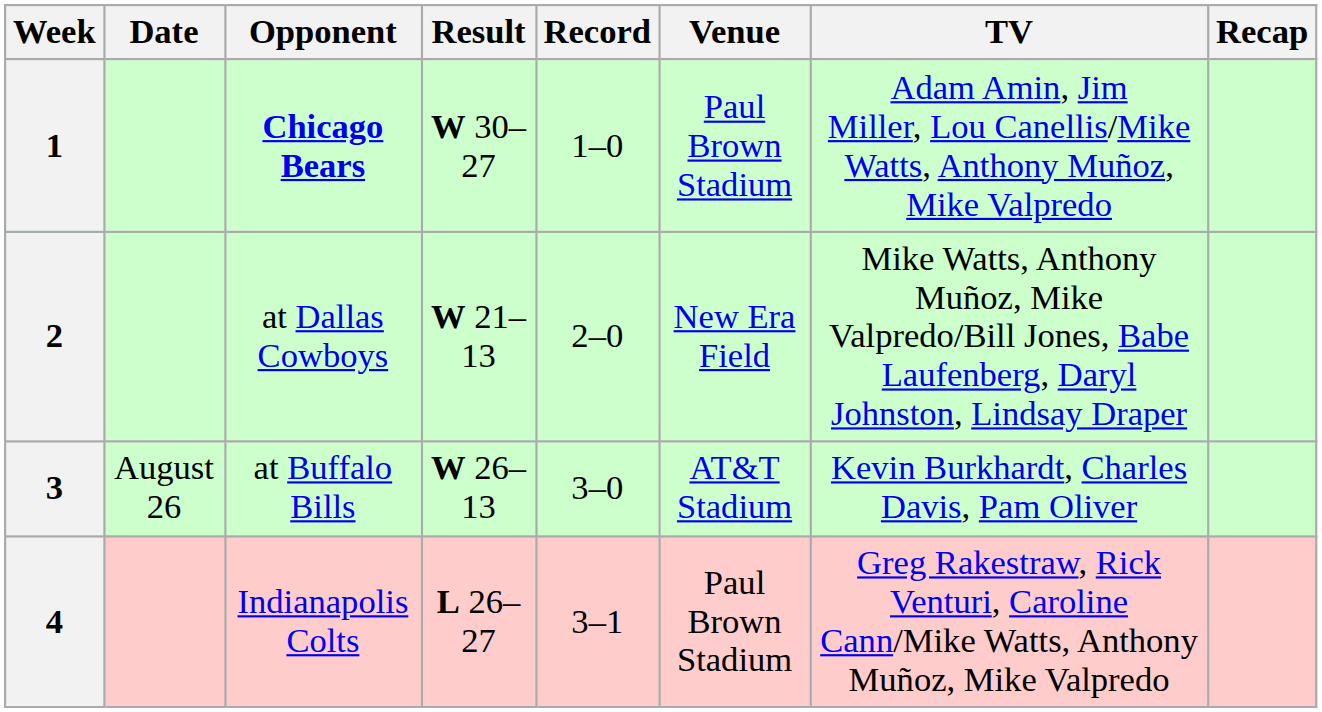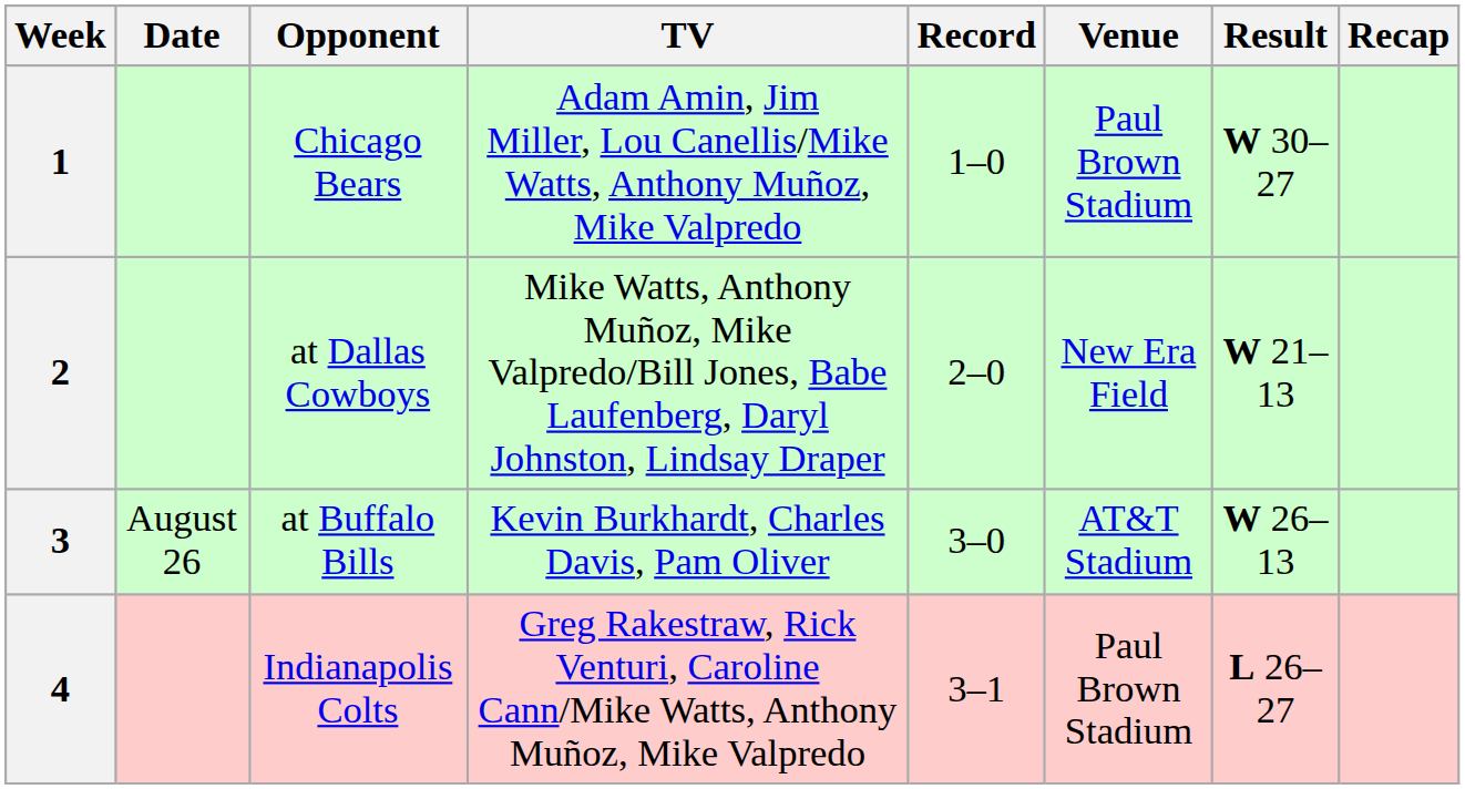 <table class="wikitable" style="text-align:center">
 <tr>
 <th>Week</th>
 <th>Date</th>
 <th>Opponent</th>
-<th>Result</th>
+<th>TV</th>
 <th>Record</th>
 <th>Venue</th>
-<th>TV</th>
+<th>Result</th>
 <th>Recap</th>
 </tr>
 <tr style="background:#cfc">
 <th>1</th>
 <td></td>
-<td><strong><a href='#'>Chicago Bears</a></strong></td>
-<td><strong>W</strong> 30–27</td>
+<td><a href='#'>Chicago Bears</a></td>
+<td><a href='#'>Adam Amin</a>, <a href='#'>Jim Miller</a>, <a href='#'>Lou Canellis</a>/<a href='#'>Mike Watts</a>, <a href='#'>Anthony Muñoz</a>, <a href='#'>Mike Valpredo</a></td>
 <td>1–0</td>
 <td><a href='#'>Paul Brown Stadium</a></td>
-<td><a href='#'>Adam Amin</a>, <a href='#'>Jim Miller</a>, <a href='#'>Lou Canellis</a>/<a href='#'>Mike Watts</a>, <a href='#'>Anthony Muñoz</a>, <a href='#'>Mike Valpredo</a></td>
+<td><strong>W</strong> 30–27</td>
 <td></td>
 </tr>
 <tr style="background:#cfc">
 <th>2</th>
 <td></td>
 <td>at <a href='#'>Dallas Cowboys</a></td>
-<td><strong>W</strong> 21–13</td>
+<td>Mike Watts, Anthony Muñoz, Mike Valpredo/Bill Jones, <a href='#'>Babe Laufenberg</a>, <a href='#'>Daryl Johnston</a>, <a href='#'>Lindsay Draper</a></td>
 <td>2–0</td>
 <td><a href='#'>New Era Field</a></td>
-<td>Mike Watts, Anthony Muñoz, Mike Valpredo/Bill Jones, <a href='#'>Babe Laufenberg</a>, <a href='#'>Daryl Johnston</a>, <a href='#'>Lindsay Draper</a></td>
+<td><strong>W</strong> 21–13</td>
 <td></td>
 </tr>
 <tr style="background:#cfc">
 <th>3</th>
 <td>August 26</td>
 <td>at <a href='#'>Buffalo Bills</a></td>
-<td><strong>W</strong> 26–13</td>
+<td><a href='#'>Kevin Burkhardt</a>, <a href='#'>Charles Davis</a>, <a href='#'>Pam Oliver</a></td>
 <td>3–0</td>
 <td><a href='#'>AT&T Stadium</a></td>
-<td><a href='#'>Kevin Burkhardt</a>, <a href='#'>Charles Davis</a>, <a href='#'>Pam Oliver</a></td>
+<td><strong>W</strong> 26–13</td>
 <td></td>
 </tr>
 <tr style="background:#fcc">
 <th>4</th>
 <td></td>
 <td><a href='#'>Indianapolis Colts</a></td>
-<td><strong>L</strong> 26–27</td>
+<td><a href='#'>Greg Rakestraw</a>, <a href='#'>Rick Venturi</a>, <a href='#'>Caroline Cann</a>/Mike Watts, Anthony Muñoz, Mike Valpredo</td>
 <td>3–1</td>
 <td>Paul Brown Stadium</td>
-<td><a href='#'>Greg Rakestraw</a>, <a href='#'>Rick Venturi</a>, <a href='#'>Caroline Cann</a>/Mike Watts, Anthony Muñoz, Mike Valpredo</td>
+<td><strong>L</strong> 26–27</td>
 <td></td>
 </tr>
 </table>
